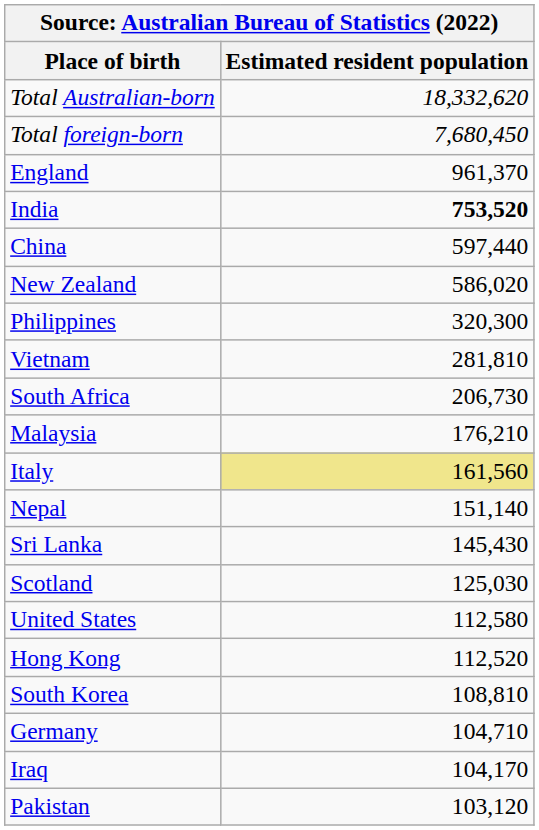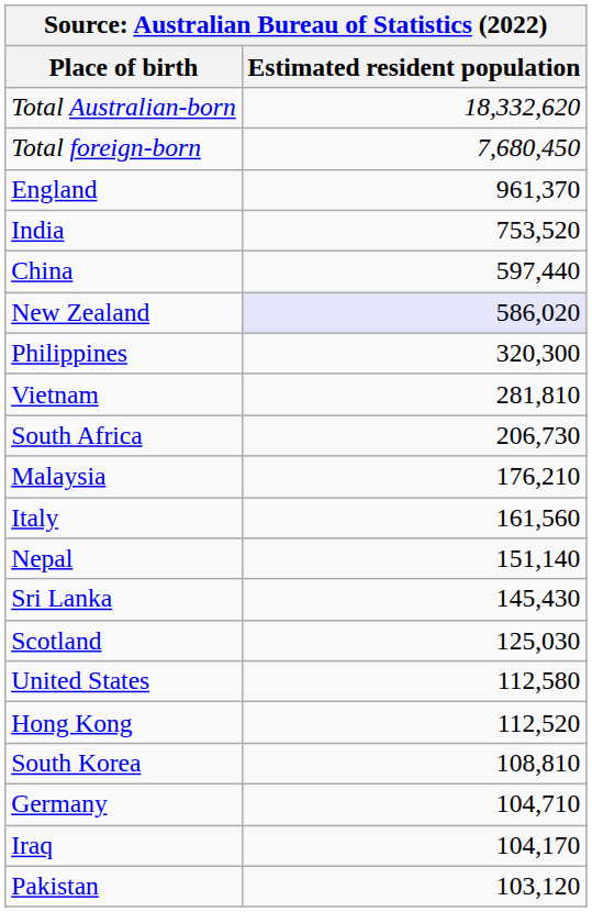 <table class="wikitable plainrowheaders" style="text-align:right">
 <tr>
 <th scope="col" colspan="2">Source: <a href='#'>Australian Bureau of Statistics</a> (2022)</th>
 </tr>
 <tr>
 <th scope="col">Place of birth</th>
 <th scope="col">Estimated resident population</th>
 </tr>
 <tr>
 <td scope="row" style="text-align:left;"><em>Total <a href='#'>Australian-born</a></em></td>
 <td><em>18,332,620</em></td>
 </tr>
 <tr>
 <td scope="row" style="text-align:left;"><em>Total <a href='#'>foreign-born</a></em></td>
 <td><em>7,680,450</em></td>
 </tr>
 <tr>
 <td scope="row" style="text-align:left;"> <a href='#'>England</a></td>
 <td>961,370</td>
 </tr>
 <tr>
 <td scope="row" style="text-align:left;"> <a href='#'>India</a></td>
-<td><strong>753,520</strong></td>
+<td>753,520</td>
 </tr>
 <tr>
 <td scope="row" style="text-align:left;"> <a href='#'>China</a></td>
 <td>597,440</td>
 </tr>
 <tr>
 <td scope="row" style="text-align:left;"> <a href='#'>New Zealand</a></td>
-<td>586,020</td>
+<td style="background: lavender;">586,020</td>
 </tr>
 <tr>
 <td scope="row" style="text-align:left;"> <a href='#'>Philippines</a></td>
 <td>320,300</td>
 </tr>
 <tr>
 <td scope="row" style="text-align:left;"> <a href='#'>Vietnam</a></td>
 <td>281,810</td>
 </tr>
 <tr>
 <td scope="row" style="text-align:left;"> <a href='#'>South Africa</a></td>
 <td>206,730</td>
 </tr>
 <tr>
 <td scope="row" style="text-align:left;"> <a href='#'>Malaysia</a></td>
 <td>176,210</td>
 </tr>
 <tr>
 <td scope="row" style="text-align:left;"> <a href='#'>Italy</a></td>
-<td style="background: khaki;">161,560</td>
+<td>161,560</td>
 </tr>
 <tr>
 <td scope="row" style="text-align:left;"> <a href='#'>Nepal</a></td>
 <td>151,140</td>
 </tr>
 <tr>
 <td scope="row" style="text-align:left;"> <a href='#'>Sri Lanka</a></td>
 <td>145,430</td>
 </tr>
 <tr>
 <td scope="row" style="text-align:left;"> <a href='#'>Scotland</a></td>
 <td>125,030</td>
 </tr>
 <tr>
 <td scope="row" style="text-align:left;"> <a href='#'>United States</a></td>
 <td>112,580</td>
 </tr>
 <tr>
 <td scope="row" style="text-align:left;"> <a href='#'>Hong Kong</a></td>
 <td>112,520</td>
 </tr>
 <tr>
 <td scope="row" style="text-align:left;"> <a href='#'>South Korea</a></td>
 <td>108,810</td>
 </tr>
 <tr>
 <td scope="row" style="text-align:left;"> <a href='#'>Germany</a></td>
 <td>104,710</td>
 </tr>
 <tr>
 <td scope="row" style="text-align:left;"> <a href='#'>Iraq</a></td>
 <td>104,170</td>
 </tr>
 <tr>
 <td scope="row" style="text-align:left;"> <a href='#'>Pakistan</a></td>
 <td>103,120</td>
 </tr>
 </table>
